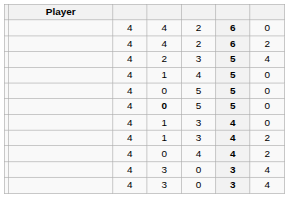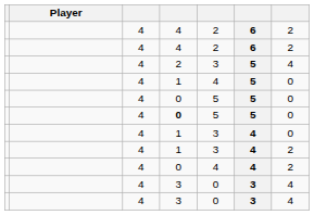 <table class="wikitable sortable" style="text-align: center">
 <tr>
 <th></th>
 <th style="width: 10em;">Player</th>
 <th style="width: 3em;"></th>
 <th style="width: 3em;"></th>
 <th style="width: 3em;"></th>
 <th style="width: 3em;"></th>
 <th style="width: 3em;"></th>
 </tr>
 <tr>
 <td></td>
 <td align="left"></td>
 <td>4</td>
 <td>4</td>
 <td>2</td>
 <th>6</th>
-<td>0</td>
+<td>2</td>
 </tr>
 <tr>
 <td></td>
 <td align="left"></td>
 <td>4</td>
 <td>4</td>
 <td>2</td>
 <th>6</th>
 <td>2</td>
 </tr>
 <tr>
 <td></td>
 <td align="left"></td>
 <td>4</td>
 <td>2</td>
 <td>3</td>
 <th>5</th>
 <td>4</td>
 </tr>
 <tr>
 <td></td>
 <td align="left"></td>
 <td>4</td>
 <td>1</td>
 <td>4</td>
 <th>5</th>
 <td>0</td>
 </tr>
 <tr>
 <td></td>
 <td align="left"></td>
 <td>4</td>
 <td>0</td>
 <td>5</td>
 <th>5</th>
 <td>0</td>
 </tr>
 <tr>
 <td></td>
 <td align="left"></td>
 <td>4</td>
 <td><strong>0</strong></td>
 <td>5</td>
 <th>5</th>
 <td>0</td>
 </tr>
 <tr>
 <td></td>
 <td align="left"></td>
 <td>4</td>
 <td>1</td>
 <td>3</td>
 <th>4</th>
 <td>0</td>
 </tr>
 <tr>
 <td></td>
 <td align="left"></td>
 <td>4</td>
 <td>1</td>
 <td>3</td>
 <th>4</th>
 <td>2</td>
 </tr>
 <tr>
 <td></td>
 <td align="left"></td>
 <td>4</td>
 <td>0</td>
 <td>4</td>
 <th>4</th>
 <td>2</td>
 </tr>
 <tr>
 <td></td>
 <td align="left"></td>
 <td>4</td>
 <td>3</td>
 <td>0</td>
 <th>3</th>
 <td>4</td>
 </tr>
 <tr>
 <td></td>
 <td align="left"></td>
 <td>4</td>
 <td>3</td>
 <td>0</td>
 <th>3</th>
 <td>4</td>
 </tr>
 </table>
